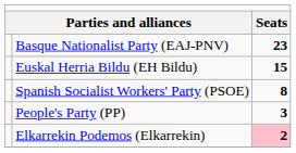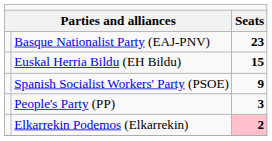 <table class="wikitable" style="text-align:right;">
 <tr>
 <td colspan="7"></td>
 </tr>
 <tr>
 <th colspan="2">Parties and alliances</th>
 <th colspan="2">Seats</th>
 </tr>
 <tr>
 <td width="1" style="color:inherit;background:"></td>
 <td align="left"><a href='#'>Basque Nationalist Party</a> (EAJ-PNV)</td>
 <td><strong>23</strong></td>
 </tr>
 <tr>
 <td style="color:inherit;background:"></td>
 <td align="left"><a href='#'>Euskal Herria Bildu</a> (EH Bildu)</td>
 <td><strong>15</strong></td>
 </tr>
 <tr>
 <td style="color:inherit;background:"></td>
 <td align="left"><a href='#'>Spanish Socialist Workers' Party</a> (PSOE)</td>
-<td><strong>8</strong></td>
+<td><strong>9</strong></td>
 </tr>
 <tr>
 <td style="color:inherit;background:"></td>
 <td align="left"><a href='#'>People's Party</a> (PP)</td>
 <td><strong>3</strong></td>
 </tr>
 <tr>
 <td style="color:inherit;background:"></td>
 <td align="left"><a href='#'>Elkarrekin Podemos</a> (Elkarrekin)</td>
 <td style="background: pink;"><strong>2</strong></td>
 </tr>
 <tr>
 </tr>
 </table>
